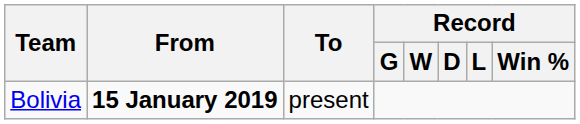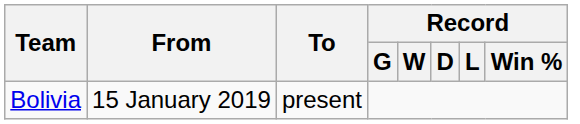 <table class="wikitable" style="text-align: center">
 <tr>
 <th rowspan="2">Team</th>
 <th rowspan="2">From</th>
 <th rowspan="2">To</th>
 <th colspan="5">Record</th>
 </tr>
 <tr>
 <th>G</th>
 <th>W</th>
 <th>D</th>
 <th>L</th>
 <th>Win %</th>
 </tr>
 <tr>
 <td align=left><a href='#'>Bolivia</a></td>
-<td align=left><strong>15 January 2019</strong></td>
+<td align=left>15 January 2019</td>
 <td align=left>present<br></td>
 </tr>
 </table>
